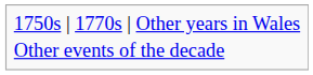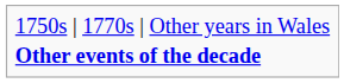 <table class="infobox" id="toc">
 <tr>
 <td align="left"><a href='#'>1750s</a> | <a href='#'>1770s</a> | <a href='#'>Other years in Wales</a></td>
 </tr>
 <tr>
-<td><a href='#'>Other events of the decade</a></td>
+<td><strong><a href='#'>Other events of the decade</a></strong></td>
 </tr>
 </table>
